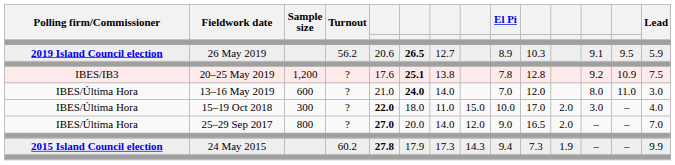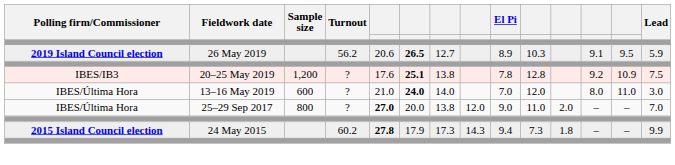 <table class="wikitable collapsible collapsed" style="text-align:center; font-size:95%; line-height:16px;">
 <tr style="height:42px;">
 <th style="width:250px;" rowspan="2">Polling firm/Commissioner</th>
 <th style="width:125px;" rowspan="2">Fieldwork date</th>
 <th style="width:50px;" rowspan="2">Sample size</th>
 <th style="width:45px;" rowspan="2">Turnout</th>
 <th style="width:35px;"></th>
 <th style="width:35px;"></th>
 <th style="width:35px;"></th>
 <th style="width:35px;"></th>
 <th style="width:35px;"><a href='#'>El Pi</a></th>
 <th style="width:35px;"></th>
 <th style="width:35px;"></th>
 <th style="width:35px;"></th>
 <th style="width:35px;"></th>
 <th style="width:30px;" rowspan="2">Lead</th>
 </tr>
 <tr>
 <th style="color:inherit;background:"></th>
 <th style="color:inherit;background:"></th>
 <th style="color:inherit;background:"></th>
 <th style="color:inherit;background:"></th>
 <th style="color:inherit;background:"></th>
 <th style="color:inherit;background:"></th>
 <th style="color:inherit;background:"></th>
 <th style="color:inherit;background:"></th>
 <th style="color:inherit;background:"></th>
 </tr>
 <tr>
 <td colspan="14" style="background:#A0A0A0"></td>
 </tr>
 <tr style="background:#EFEFEF;">
 <td><strong><a href='#'>2019 Island Council election</a></strong></td>
 <td>26 May 2019</td>
 <td></td>
 <td>56.2</td>
 <td>20.6<br></td>
 <td><strong>26.5</strong><br></td>
 <td>12.7<br></td>
 <td></td>
 <td>8.9<br></td>
 <td>10.3<br></td>
 <td></td>
 <td>9.1<br></td>
 <td>9.5<br></td>
 <td style="background:">5.9</td>
 </tr>
 <tr>
 <td colspan="14" style="background:#A0A0A0"></td>
 </tr>
 <tr style="background:#FFEAEA;">
 <td>IBES/IB3</td>
 <td>20–25 May 2019</td>
 <td>1,200</td>
 <td>?</td>
 <td>17.6<br></td>
 <td><strong>25.1</strong><br></td>
 <td>13.8<br></td>
 <td></td>
 <td>7.8<br></td>
 <td>12.8<br></td>
 <td></td>
 <td>9.2<br></td>
 <td>10.9<br></td>
 <td style="background:">7.5</td>
 </tr>
 <tr>
 <td>IBES/Última Hora</td>
 <td>13–16 May 2019</td>
 <td>600</td>
 <td>?</td>
 <td>21.0<br></td>
 <td><strong>24.0</strong><br></td>
 <td>14.0<br></td>
 <td></td>
 <td>7.0<br></td>
 <td>12.0<br></td>
 <td></td>
 <td>8.0<br></td>
 <td>11.0<br></td>
 <td style="background:">3.0</td>
 </tr>
 <tr>
 <td>IBES/Última Hora</td>
-<td>15–19 Oct 2018</td>
-<td>300</td>
-<td>?</td>
-<td><strong>22.0</strong><br></td>
-<td>18.0<br></td>
-<td>11.0<br></td>
-<td>15.0<br></td>
-<td>10.0<br></td>
-<td>17.0<br></td>
-<td>2.0<br></td>
-<td>3.0<br></td>
-<td>–</td>
-<td style="background:">4.0</td>
-</tr>
-<tr>
-<td>IBES/Última Hora</td>
 <td>25–29 Sep 2017</td>
 <td>800</td>
 <td>?</td>
 <td><strong>27.0</strong><br></td>
 <td>20.0<br></td>
-<td>14.0<br></td>
+<td>13.8<br></td>
 <td>12.0<br></td>
 <td>9.0<br></td>
-<td>16.5<br></td>
+<td>11.0<br></td>
 <td>2.0<br></td>
 <td>–</td>
 <td>–</td>
 <td style="background:">7.0</td>
 </tr>
 <tr>
 <td colspan="14" style="background:#A0A0A0"></td>
 </tr>
 <tr style="background:#EFEFEF;">
 <td><strong><a href='#'>2015 Island Council election</a></strong></td>
 <td>24 May 2015</td>
 <td></td>
 <td>60.2</td>
 <td><strong>27.8</strong><br></td>
 <td>17.9<br></td>
 <td>17.3<br></td>
 <td>14.3<br></td>
 <td>9.4<br></td>
 <td>7.3<br></td>
-<td>1.9<br></td>
+<td>1.8<br></td>
 <td>–</td>
 <td>–</td>
 <td style="background:">9.9</td>
 </tr>
 <tr>
 <td colspan="14" style="background:#A0A0A0"></td>
 </tr>
 </table>
